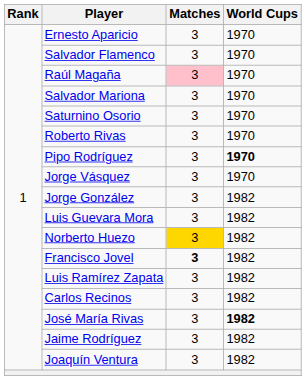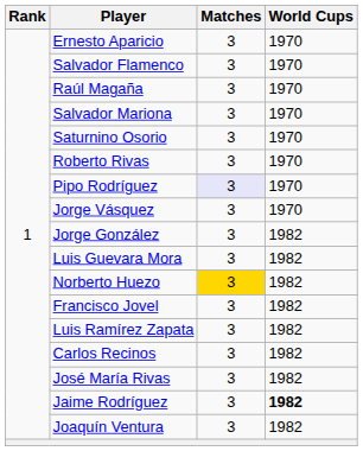 <table class="wikitable" style="text-align:left;">
 <tr>
 <th>Rank</th>
 <th>Player</th>
 <th>Matches</th>
 <th>World Cups</th>
 </tr>
 <tr>
 <td rowspan="17" align="center">1</td>
 <td><a href='#'>Ernesto Aparicio</a></td>
 <td align="center">3</td>
 <td>1970</td>
 </tr>
 <tr>
 <td><a href='#'>Salvador Flamenco</a></td>
 <td align="center">3</td>
 <td>1970</td>
 </tr>
 <tr>
 <td><a href='#'>Raúl Magaña</a></td>
-<td align="center" style="background: pink;">3</td>
+<td align="center">3</td>
 <td>1970</td>
 </tr>
 <tr>
 <td><a href='#'>Salvador Mariona</a></td>
 <td align="center">3</td>
 <td>1970</td>
 </tr>
 <tr>
 <td><a href='#'>Saturnino Osorio</a></td>
 <td align="center">3</td>
 <td>1970</td>
 </tr>
 <tr>
 <td><a href='#'>Roberto Rivas</a></td>
 <td align="center">3</td>
 <td>1970</td>
 </tr>
 <tr>
 <td><a href='#'>Pipo Rodríguez</a></td>
-<td align="center">3</td>
-<td><strong>1970</strong></td>
+<td align="center" style="background: lavender;">3</td>
+<td>1970</td>
 </tr>
 <tr>
 <td><a href='#'>Jorge Vásquez</a></td>
 <td align="center">3</td>
 <td>1970</td>
 </tr>
 <tr>
 <td><a href='#'>Jorge González</a></td>
 <td align="center">3</td>
 <td>1982</td>
 </tr>
 <tr>
 <td><a href='#'>Luis Guevara Mora</a></td>
 <td align="center">3</td>
 <td>1982</td>
 </tr>
 <tr>
 <td><a href='#'>Norberto Huezo</a></td>
 <td align="center" style="background: gold;">3</td>
 <td>1982</td>
 </tr>
 <tr>
 <td><a href='#'>Francisco Jovel</a></td>
-<td align="center"><strong>3</strong></td>
+<td align="center">3</td>
 <td>1982</td>
 </tr>
 <tr>
 <td><a href='#'>Luis Ramírez Zapata</a></td>
 <td align="center">3</td>
 <td>1982</td>
 </tr>
 <tr>
 <td><a href='#'>Carlos Recinos</a></td>
 <td align="center">3</td>
 <td>1982</td>
 </tr>
 <tr>
 <td><a href='#'>José María Rivas</a></td>
 <td align="center">3</td>
-<td><strong>1982</strong></td>
+<td>1982</td>
 </tr>
 <tr>
 <td><a href='#'>Jaime Rodríguez</a></td>
 <td align="center">3</td>
-<td>1982</td>
+<td><strong>1982</strong></td>
 </tr>
 <tr>
 <td><a href='#'>Joaquín Ventura</a></td>
 <td align="center">3</td>
 <td>1982</td>
 </tr>
 <tr>
 <th colspan="4"></th>
 </tr>
 </table>
